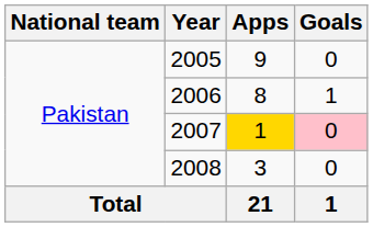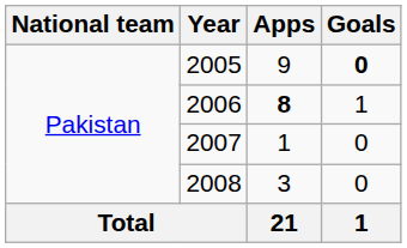 <table class="wikitable" style="text-align:center">
 <tr>
 <th>National team</th>
 <th>Year</th>
 <th>Apps</th>
 <th>Goals</th>
 </tr>
 <tr>
 <td rowspan="4"><a href='#'>Pakistan</a></td>
 <td>2005</td>
 <td>9</td>
-<td>0</td>
+<td><strong>0</strong></td>
 </tr>
 <tr>
 <td>2006</td>
-<td>8</td>
+<td><strong>8</strong></td>
 <td>1</td>
 </tr>
 <tr>
 <td>2007</td>
-<td style="background: gold;">1</td>
-<td style="background: pink;">0</td>
+<td>1</td>
+<td>0</td>
 </tr>
 <tr>
 <td>2008</td>
 <td>3</td>
 <td>0</td>
 </tr>
 <tr>
 <th colspan="2">Total</th>
 <th>21</th>
 <th>1</th>
 </tr>
 </table>
